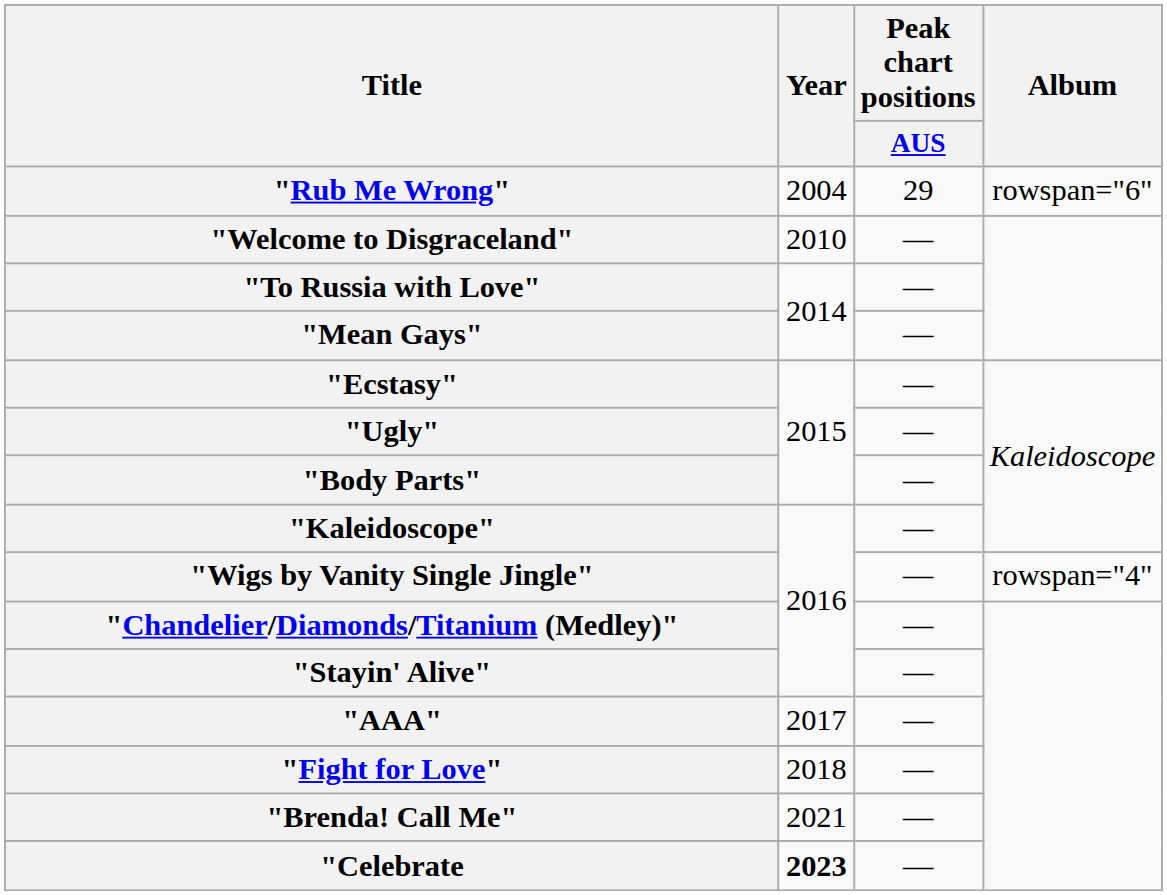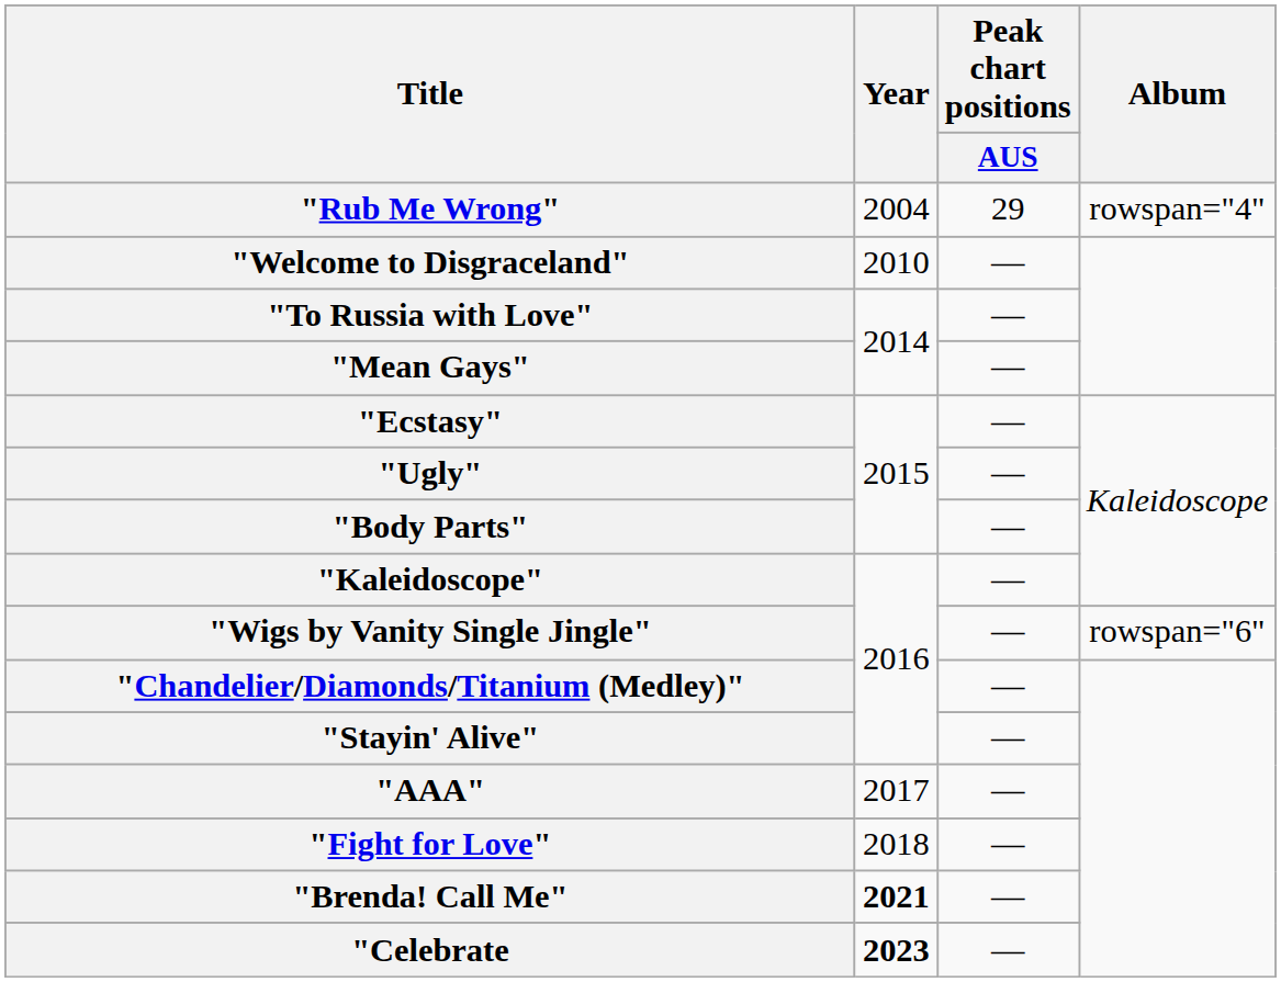 <table class="wikitable plainrowheaders" style="text-align:center;" border="1">
 <tr>
 <th scope="col" rowspan="2" style="width:25em;">Title</th>
 <th scope="col" rowspan="2">Year</th>
 <th scope="col" colspan="1">Peak chart positions</th>
 <th scope="col" rowspan="2">Album</th>
 </tr>
 <tr>
 <th scope="col" style="width:3em;font-size:90%;"><a href='#'>AUS</a><br></th>
 </tr>
 <tr>
 <th scope="row">"<a href='#'>Rub Me Wrong</a>"</th>
 <td>2004</td>
 <td>29</td>
-<td>rowspan="6" </td>
+<td>rowspan="4" </td>
 </tr>
 <tr>
 <th scope="row">"Welcome to Disgraceland"</th>
 <td>2010</td>
 <td>—</td>
 </tr>
 <tr>
 <th scope="row">"To Russia with Love"</th>
 <td rowspan="2">2014</td>
 <td>—</td>
 </tr>
 <tr>
 <th scope="row">"Mean Gays"</th>
 <td>—</td>
 </tr>
 <tr>
 <th scope="row">"Ecstasy"</th>
 <td rowspan="3">2015</td>
 <td>—</td>
 <td rowspan="4"><em>Kaleidoscope</em></td>
 </tr>
 <tr>
 <th scope="row">"Ugly"</th>
 <td>—</td>
 </tr>
 <tr>
 <th scope="row">"Body Parts"</th>
 <td>—</td>
 </tr>
 <tr>
 <th scope="row">"Kaleidoscope"</th>
 <td rowspan="4">2016</td>
 <td>—</td>
 </tr>
 <tr>
 <th scope="row">"Wigs by Vanity Single Jingle"<br></th>
 <td>—</td>
-<td>rowspan="4" </td>
+<td>rowspan="6" </td>
 </tr>
 <tr>
 <th scope="row">"<a href='#'>Chandelier</a>/<a href='#'>Diamonds</a>/<a href='#'>Titanium</a> (Medley)"</th>
 <td>—</td>
 </tr>
 <tr>
 <th scope="row">"Stayin' Alive"</th>
 <td>—</td>
 </tr>
 <tr>
 <th scope="row">"AAA"<br></th>
 <td>2017</td>
 <td>—</td>
 </tr>
 <tr>
 <th scope="row">"<a href='#'>Fight for Love</a>"</th>
 <td>2018</td>
 <td>—</td>
 </tr>
 <tr>
 <th scope="row">"Brenda! Call Me"</th>
-<td>2021</td>
+<td><strong>2021</strong></td>
 <td>—</td>
 </tr>
 <tr>
 <th scope="row">"Celebrate</th>
 <td><strong>2023</strong></td>
 <td>—</td>
 </tr>
 </table>
